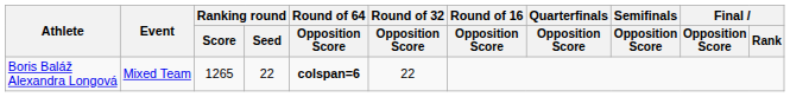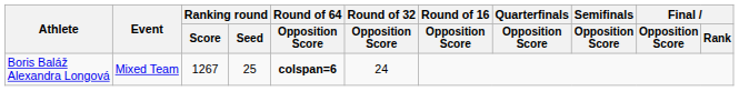 <table class="wikitable" style="font-size:90%">
 <tr>
 <th rowspan="2">Athlete</th>
 <th rowspan="2">Event</th>
 <th colspan="2">Ranking round</th>
 <th>Round of 64</th>
 <th>Round of 32</th>
 <th>Round of 16</th>
 <th>Quarterfinals</th>
 <th>Semifinals</th>
 <th colspan="2">Final / </th>
 </tr>
 <tr style="font-size:95%">
 <th>Score</th>
 <th>Seed</th>
 <th>Opposition<br>Score</th>
 <th>Opposition<br>Score</th>
 <th>Opposition<br>Score</th>
 <th>Opposition<br>Score</th>
 <th>Opposition<br>Score</th>
 <th>Opposition<br>Score</th>
 <th>Rank</th>
 </tr>
 <tr align=center>
 <td align=left><a href='#'>Boris Baláž</a><br><a href='#'>Alexandra Longová</a></td>
 <td align=left><a href='#'>Mixed Team</a></td>
-<td>1265</td>
-<td>22</td>
+<td>1267</td>
+<td>25</td>
 <td><strong>colspan=6 </strong></td>
-<td>22</td>
+<td>24</td>
 </tr>
 </table>
